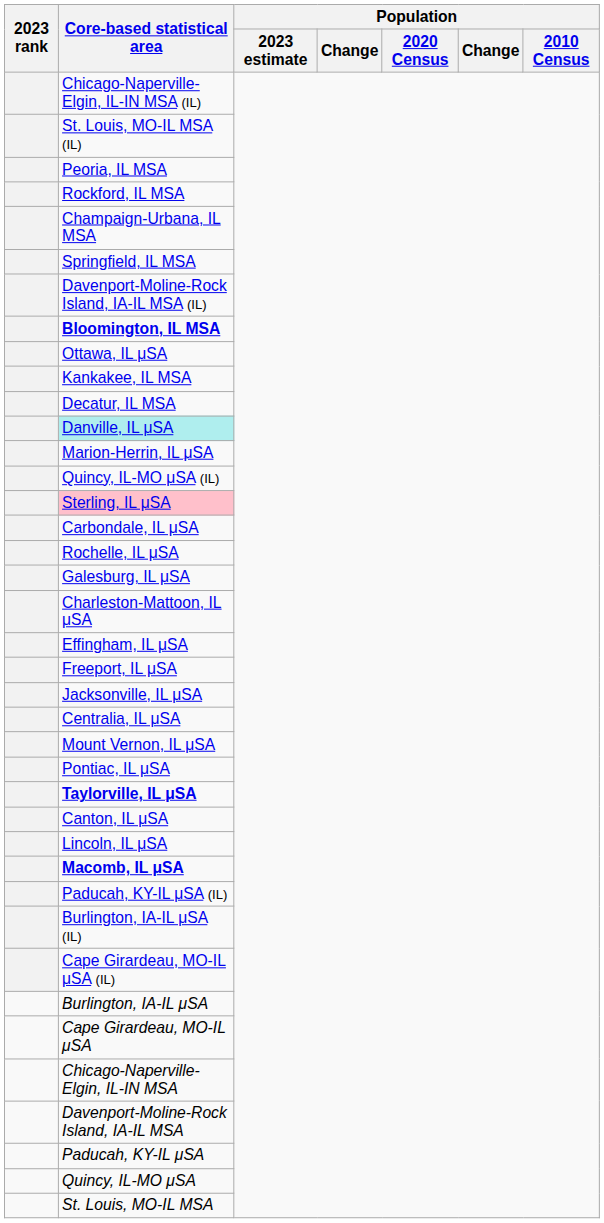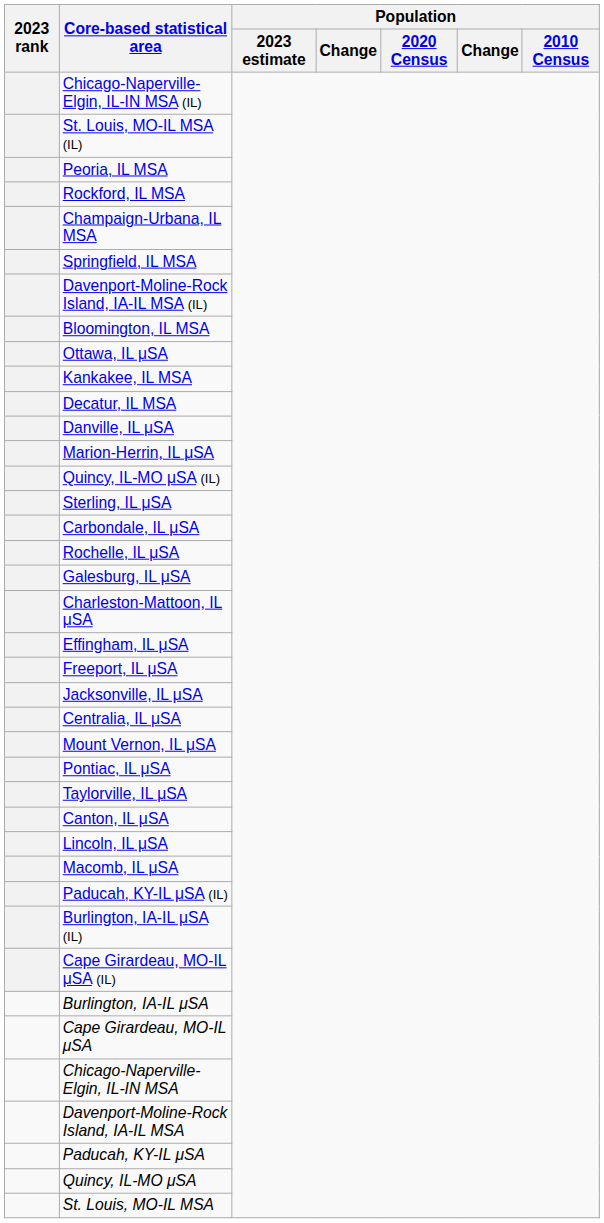 <table class="wikitable sortable">
 <tr>
 <th scope=col rowspan=2>2023 rank</th>
 <th scope=col rowspan=2><a href='#'>Core-based statistical area</a></th>
 <th colspan=5>Population</th>
 </tr>
 <tr>
 <th scope=col>2023 estimate</th>
 <th scope=col>Change</th>
 <th scope=col><a href='#'>2020 Census</a></th>
 <th scope=col>Change</th>
 <th scope=col><a href='#'>2010 Census</a></th>
 </tr>
 <tr>
 <th scope=row></th>
 <td><a href='#'>Chicago-Naperville-Elgin, IL-IN MSA</a> <small>(IL)</small><br></td>
 </tr>
 <tr>
 <th scope=row></th>
 <td><a href='#'>St. Louis, MO-IL MSA</a> <small>(IL)</small><br></td>
 </tr>
 <tr>
 <th scope=row></th>
 <td><a href='#'>Peoria, IL MSA</a><br></td>
 </tr>
 <tr>
 <th scope=row></th>
 <td><a href='#'>Rockford, IL MSA</a><br></td>
 </tr>
 <tr>
 <th scope=row></th>
 <td><a href='#'>Champaign-Urbana, IL MSA</a><br></td>
 </tr>
 <tr>
 <th scope=row></th>
 <td><a href='#'>Springfield, IL MSA</a><br></td>
 </tr>
 <tr>
 <th scope=row></th>
 <td><a href='#'>Davenport-Moline-Rock Island, IA-IL MSA</a> <small>(IL)</small><br></td>
 </tr>
 <tr>
 <th scope=row></th>
-<td><strong><a href='#'>Bloomington, IL MSA</a><br></strong></td>
+<td><a href='#'>Bloomington, IL MSA</a><br></td>
 </tr>
 <tr>
 <th scope=row></th>
 <td><a href='#'>Ottawa, IL μSA</a><br></td>
 </tr>
 <tr>
 <th scope=row></th>
 <td><a href='#'>Kankakee, IL MSA</a><br></td>
 </tr>
 <tr>
 <th scope=row></th>
 <td><a href='#'>Decatur, IL MSA</a><br></td>
 </tr>
 <tr>
 <th scope=row></th>
-<td style="background: paleturquoise;"><a href='#'>Danville, IL μSA</a><br></td>
+<td><a href='#'>Danville, IL μSA</a><br></td>
 </tr>
 <tr>
 <th scope=row></th>
 <td><a href='#'>Marion-Herrin, IL μSA</a><br></td>
 </tr>
 <tr>
 <th scope=row></th>
 <td><a href='#'>Quincy, IL-MO μSA</a> <small>(IL)</small><br></td>
 </tr>
 <tr>
 <th scope=row></th>
-<td style="background: pink;"><a href='#'>Sterling, IL μSA</a><br></td>
+<td><a href='#'>Sterling, IL μSA</a><br></td>
 </tr>
 <tr>
 <th scope=row></th>
 <td><a href='#'>Carbondale, IL μSA</a><br></td>
 </tr>
 <tr>
 <th scope=row></th>
 <td><a href='#'>Rochelle, IL μSA</a><br></td>
 </tr>
 <tr>
 <th scope=row></th>
 <td><a href='#'>Galesburg, IL μSA</a><br></td>
 </tr>
 <tr>
 <th scope=row></th>
 <td><a href='#'>Charleston-Mattoon, IL μSA</a><br></td>
 </tr>
 <tr>
 <th scope=row></th>
 <td><a href='#'>Effingham, IL μSA</a><br></td>
 </tr>
 <tr>
 <th scope=row></th>
 <td><a href='#'>Freeport, IL μSA</a><br></td>
 </tr>
 <tr>
 <th scope=row></th>
 <td><a href='#'>Jacksonville, IL μSA</a><br></td>
 </tr>
 <tr>
 <th scope=row></th>
 <td><a href='#'>Centralia, IL μSA</a><br></td>
 </tr>
 <tr>
 <th scope=row></th>
 <td><a href='#'>Mount Vernon, IL μSA</a><br></td>
 </tr>
 <tr>
 <th scope=row></th>
 <td><a href='#'>Pontiac, IL μSA</a><br></td>
 </tr>
 <tr>
 <th scope=row></th>
-<td><strong><a href='#'>Taylorville, IL μSA</a><br></strong></td>
+<td><a href='#'>Taylorville, IL μSA</a><br></td>
 </tr>
 <tr>
 <th scope=row></th>
 <td><a href='#'>Canton, IL μSA</a><br></td>
 </tr>
 <tr>
 <th scope=row></th>
 <td><a href='#'>Lincoln, IL μSA</a><br></td>
 </tr>
 <tr>
 <th scope=row></th>
-<td><strong><a href='#'>Macomb, IL μSA</a><br></strong></td>
+<td><a href='#'>Macomb, IL μSA</a><br></td>
 </tr>
 <tr>
 <th scope=row></th>
 <td><a href='#'>Paducah, KY-IL μSA</a> <small>(IL)</small><br></td>
 </tr>
 <tr>
 <th scope=row></th>
 <td><a href='#'>Burlington, IA-IL μSA</a> <small>(IL)</small><br></td>
 </tr>
 <tr>
 <th scope=row></th>
 <td><a href='#'>Cape Girardeau, MO-IL μSA</a> <small>(IL)</small><br></td>
 </tr>
 <tr>
 <td></td>
 <td><em><span>Burlington, IA-IL μSA</span></em><br></td>
 </tr>
 <tr>
 <td></td>
 <td><em><span>Cape Girardeau, MO-IL μSA</span></em><br></td>
 </tr>
 <tr>
 <td></td>
 <td><em><span>Chicago-Naperville-Elgin, IL-IN MSA</span></em><br></td>
 </tr>
 <tr>
 <td></td>
 <td><em><span>Davenport-Moline-Rock Island, IA-IL MSA</span></em><br></td>
 </tr>
 <tr>
 <td></td>
 <td><em><span>Paducah, KY-IL μSA</span></em><br></td>
 </tr>
 <tr>
 <td></td>
 <td><em><span>Quincy, IL-MO μSA</span></em><br></td>
 </tr>
 <tr>
 <td></td>
 <td><em><span>St. Louis, MO-IL MSA</span></em><br></td>
 </tr>
 </table>
